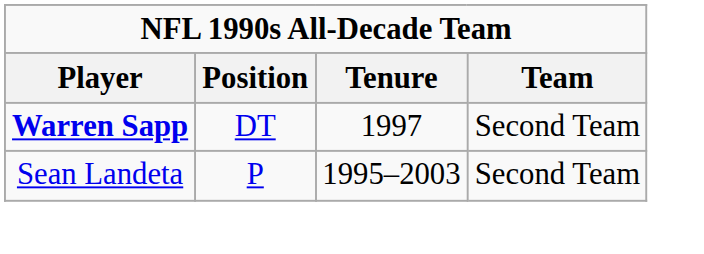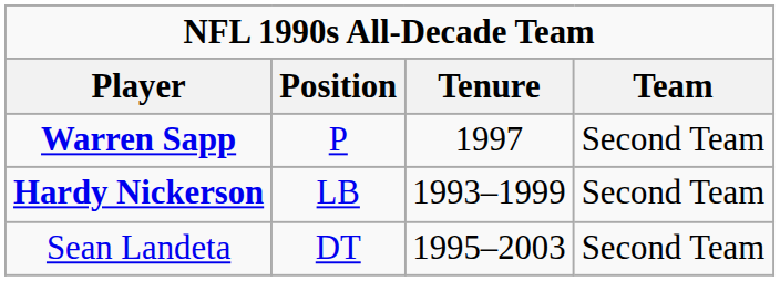 <table class="wikitable" style="text-align:center">
 <tr>
 <td colspan="4"><strong>NFL 1990s All-Decade Team</strong></td>
 </tr>
 <tr>
 <th>Player</th>
 <th>Position</th>
 <th>Tenure</th>
 <th>Team</th>
 </tr>
 <tr>
 <td><strong><a href='#'>Warren Sapp</a></strong></td>
-<td><a href='#'>DT</a></td>
+<td><a href='#'>P</a></td>
 <td>1997</td>
 <td>Second Team</td>
 </tr>
 <tr>
+<td><strong><a href='#'>Hardy Nickerson</a></strong></td>
+<td><a href='#'>LB</a></td>
+<td>1993–1999</td>
+<td>Second Team</td>
+</tr>
+<tr>
 <td><a href='#'>Sean Landeta</a></td>
-<td><a href='#'>P</a></td>
+<td><a href='#'>DT</a></td>
 <td>1995–2003</td>
 <td>Second Team</td>
 </tr>
 </table>
